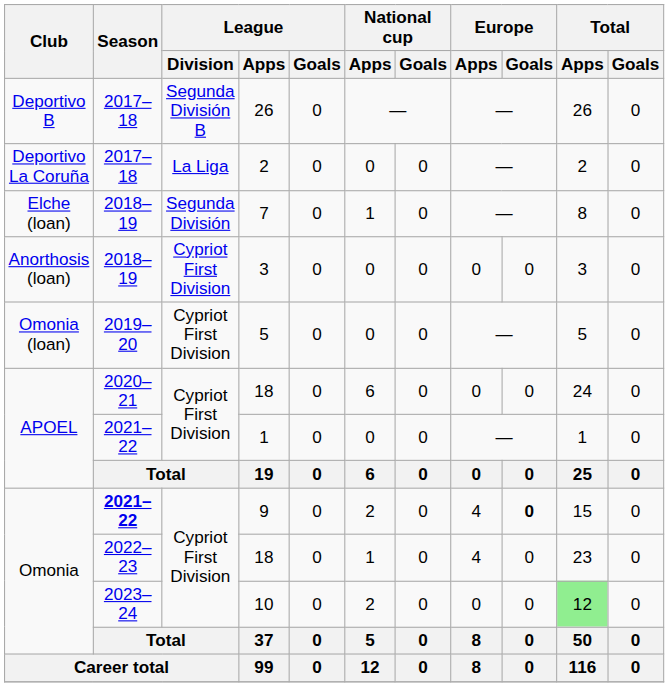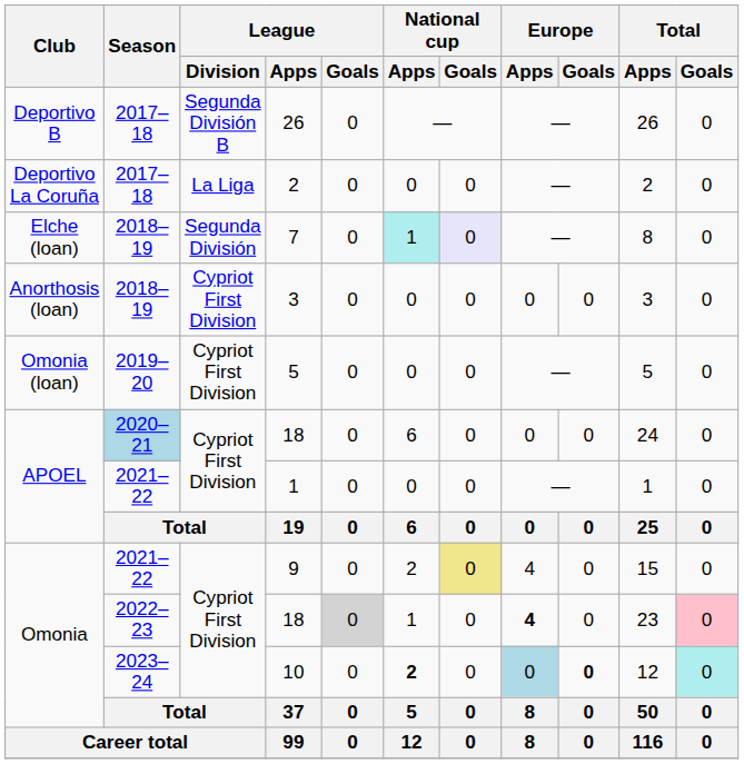 <table class="wikitable" style="text-align:center">
 <tr>
 <th rowspan="2">Club</th>
 <th rowspan="2">Season</th>
 <th colspan="3">League</th>
 <th colspan="2">National cup</th>
 <th colspan="2">Europe</th>
 <th colspan="2">Total</th>
 </tr>
 <tr>
 <th>Division</th>
 <th>Apps</th>
 <th>Goals</th>
 <th>Apps</th>
 <th>Goals</th>
 <th>Apps</th>
 <th>Goals</th>
 <th>Apps</th>
 <th>Goals</th>
 </tr>
 <tr>
 <td><a href='#'>Deportivo B</a></td>
 <td><a href='#'>2017–18</a></td>
 <td><a href='#'>Segunda División B</a></td>
 <td>26</td>
 <td>0</td>
 <td colspan="2">—</td>
 <td colspan="2">—</td>
 <td>26</td>
 <td>0</td>
 </tr>
 <tr>
 <td><a href='#'>Deportivo La Coruña</a></td>
 <td><a href='#'>2017–18</a></td>
 <td><a href='#'>La Liga</a></td>
 <td>2</td>
 <td>0</td>
 <td>0</td>
 <td>0</td>
 <td colspan="2">—</td>
 <td>2</td>
 <td>0</td>
 </tr>
 <tr>
 <td><a href='#'>Elche</a> (loan)</td>
 <td><a href='#'>2018–19</a></td>
 <td><a href='#'>Segunda División</a></td>
 <td>7</td>
 <td>0</td>
-<td>1</td>
-<td>0</td>
+<td style="background: paleturquoise;">1</td>
+<td style="background: lavender;">0</td>
 <td colspan="2">—</td>
 <td>8</td>
 <td>0</td>
 </tr>
 <tr>
 <td><a href='#'>Anorthosis</a> (loan)</td>
 <td><a href='#'>2018–19</a></td>
 <td><a href='#'>Cypriot First Division</a></td>
 <td>3</td>
 <td>0</td>
 <td>0</td>
 <td>0</td>
 <td>0</td>
 <td>0</td>
 <td>3</td>
 <td>0</td>
 </tr>
 <tr>
 <td><a href='#'>Omonia</a> (loan)</td>
 <td><a href='#'>2019–20</a></td>
 <td>Cypriot First Division</td>
 <td>5</td>
 <td>0</td>
 <td>0</td>
 <td>0</td>
 <td colspan="2">—</td>
 <td>5</td>
 <td>0</td>
 </tr>
 <tr>
 <td rowspan="3"><a href='#'>APOEL</a></td>
-<td><a href='#'>2020–21</a></td>
+<td style="background: lightblue;"><a href='#'>2020–21</a></td>
 <td rowspan="2">Cypriot First Division</td>
 <td>18</td>
 <td>0</td>
 <td>6</td>
 <td>0</td>
 <td>0</td>
 <td>0</td>
 <td>24</td>
 <td>0</td>
 </tr>
 <tr>
 <td><a href='#'>2021–22</a></td>
 <td>1</td>
 <td>0</td>
 <td>0</td>
 <td>0</td>
 <td colspan="2">—</td>
 <td>1</td>
 <td>0</td>
 </tr>
 <tr>
 <th colspan="2">Total</th>
 <th>19</th>
 <th>0</th>
 <th>6</th>
 <th>0</th>
 <th>0</th>
 <th>0</th>
 <th>25</th>
 <th>0</th>
 </tr>
 <tr>
 <td rowspan="4">Omonia</td>
-<td><strong><a href='#'>2021–22</a></strong></td>
+<td><a href='#'>2021–22</a></td>
 <td rowspan="3">Cypriot First Division</td>
 <td>9</td>
 <td>0</td>
 <td>2</td>
+<td style="background: khaki;">0</td>
+<td>4</td>
 <td>0</td>
-<td>4</td>
-<td><strong>0</strong></td>
 <td>15</td>
 <td>0</td>
 </tr>
 <tr>
 <td><a href='#'>2022–23</a></td>
 <td>18</td>
-<td>0</td>
+<td style="background: lightgrey;">0</td>
 <td>1</td>
 <td>0</td>
-<td>4</td>
+<td><strong>4</strong></td>
 <td>0</td>
 <td>23</td>
-<td>0</td>
+<td style="background: pink;">0</td>
 </tr>
 <tr>
 <td><a href='#'>2023–24</a></td>
 <td>10</td>
 <td>0</td>
-<td>2</td>
+<td><strong>2</strong></td>
 <td>0</td>
-<td>0</td>
-<td>0</td>
-<td style="background: lightgreen;">12</td>
-<td>0</td>
+<td style="background: lightblue;">0</td>
+<td><strong>0</strong></td>
+<td>12</td>
+<td style="background: paleturquoise;">0</td>
 </tr>
 <tr>
 <th colspan="2">Total</th>
 <th>37</th>
 <th>0</th>
 <th>5</th>
 <th>0</th>
 <th>8</th>
 <th>0</th>
 <th>50</th>
 <th>0</th>
 </tr>
 <tr>
 <th colspan="3">Career total</th>
 <th>99</th>
 <th>0</th>
 <th>12</th>
 <th>0</th>
 <th>8</th>
 <th>0</th>
 <th>116</th>
 <th>0</th>
 </tr>
 <tr>
 </tr>
 </table>
